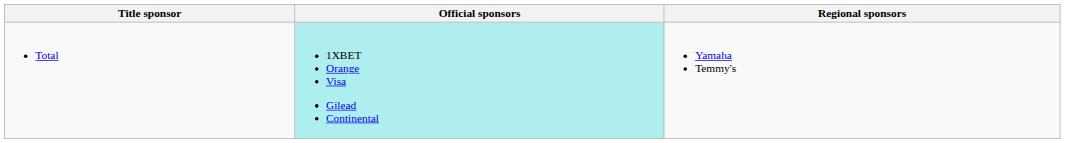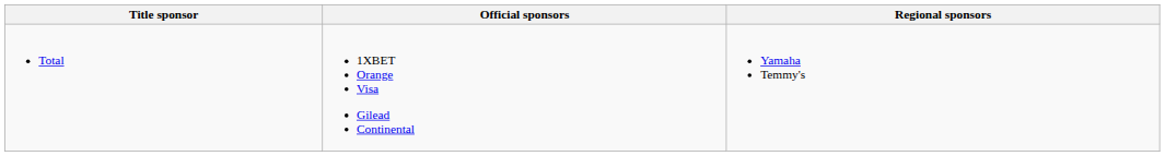 <table class="wikitable" style="width:75%;">
 <tr>
 <th>Title sponsor</th>
 <th>Official sponsors</th>
 <th>Regional sponsors</th>
 </tr>
 <tr>
 <td style="vertical-align:top;"><br><ul><li><a href='#'>Total</a></li></ul></td>
-<td style="background: paleturquoise; vertical-align:top;"><br><ul><li>1XBET</li><li><a href='#'>Orange</a></li><li><a href='#'>Visa</a></li></ul><ul><li><a href='#'>Gilead</a></li><li><a href='#'>Continental</a></li></ul></td>
+<td style="vertical-align:top;"><br><ul><li>1XBET</li><li><a href='#'>Orange</a></li><li><a href='#'>Visa</a></li></ul><ul><li><a href='#'>Gilead</a></li><li><a href='#'>Continental</a></li></ul></td>
 <td style="vertical-align:top;"><br><ul><li><a href='#'>Yamaha</a></li><li>Temmy's</li></ul></td>
 </tr>
 </table>
